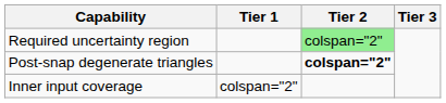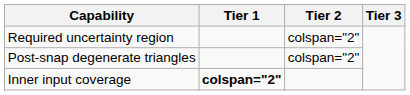 <table class="wikitable"  style="font-size: 90%">
 <tr>
 <th>Capability</th>
 <th>Tier 1</th>
 <th>Tier 2</th>
 <th>Tier 3</th>
 </tr>
 <tr>
 <td>Required uncertainty region</td>
 <td></td>
-<td style="background: lightgreen;">colspan="2"  </td>
+<td>colspan="2"  </td>
 </tr>
 <tr>
 <td>Post-snap degenerate triangles</td>
 <td></td>
-<td><strong>colspan="2" </strong></td>
+<td>colspan="2" </td>
 </tr>
 <tr>
 <td>Inner input coverage</td>
-<td>colspan="2" </td>
+<td><strong>colspan="2" </strong></td>
 <td></td>
 </tr>
 </table>
